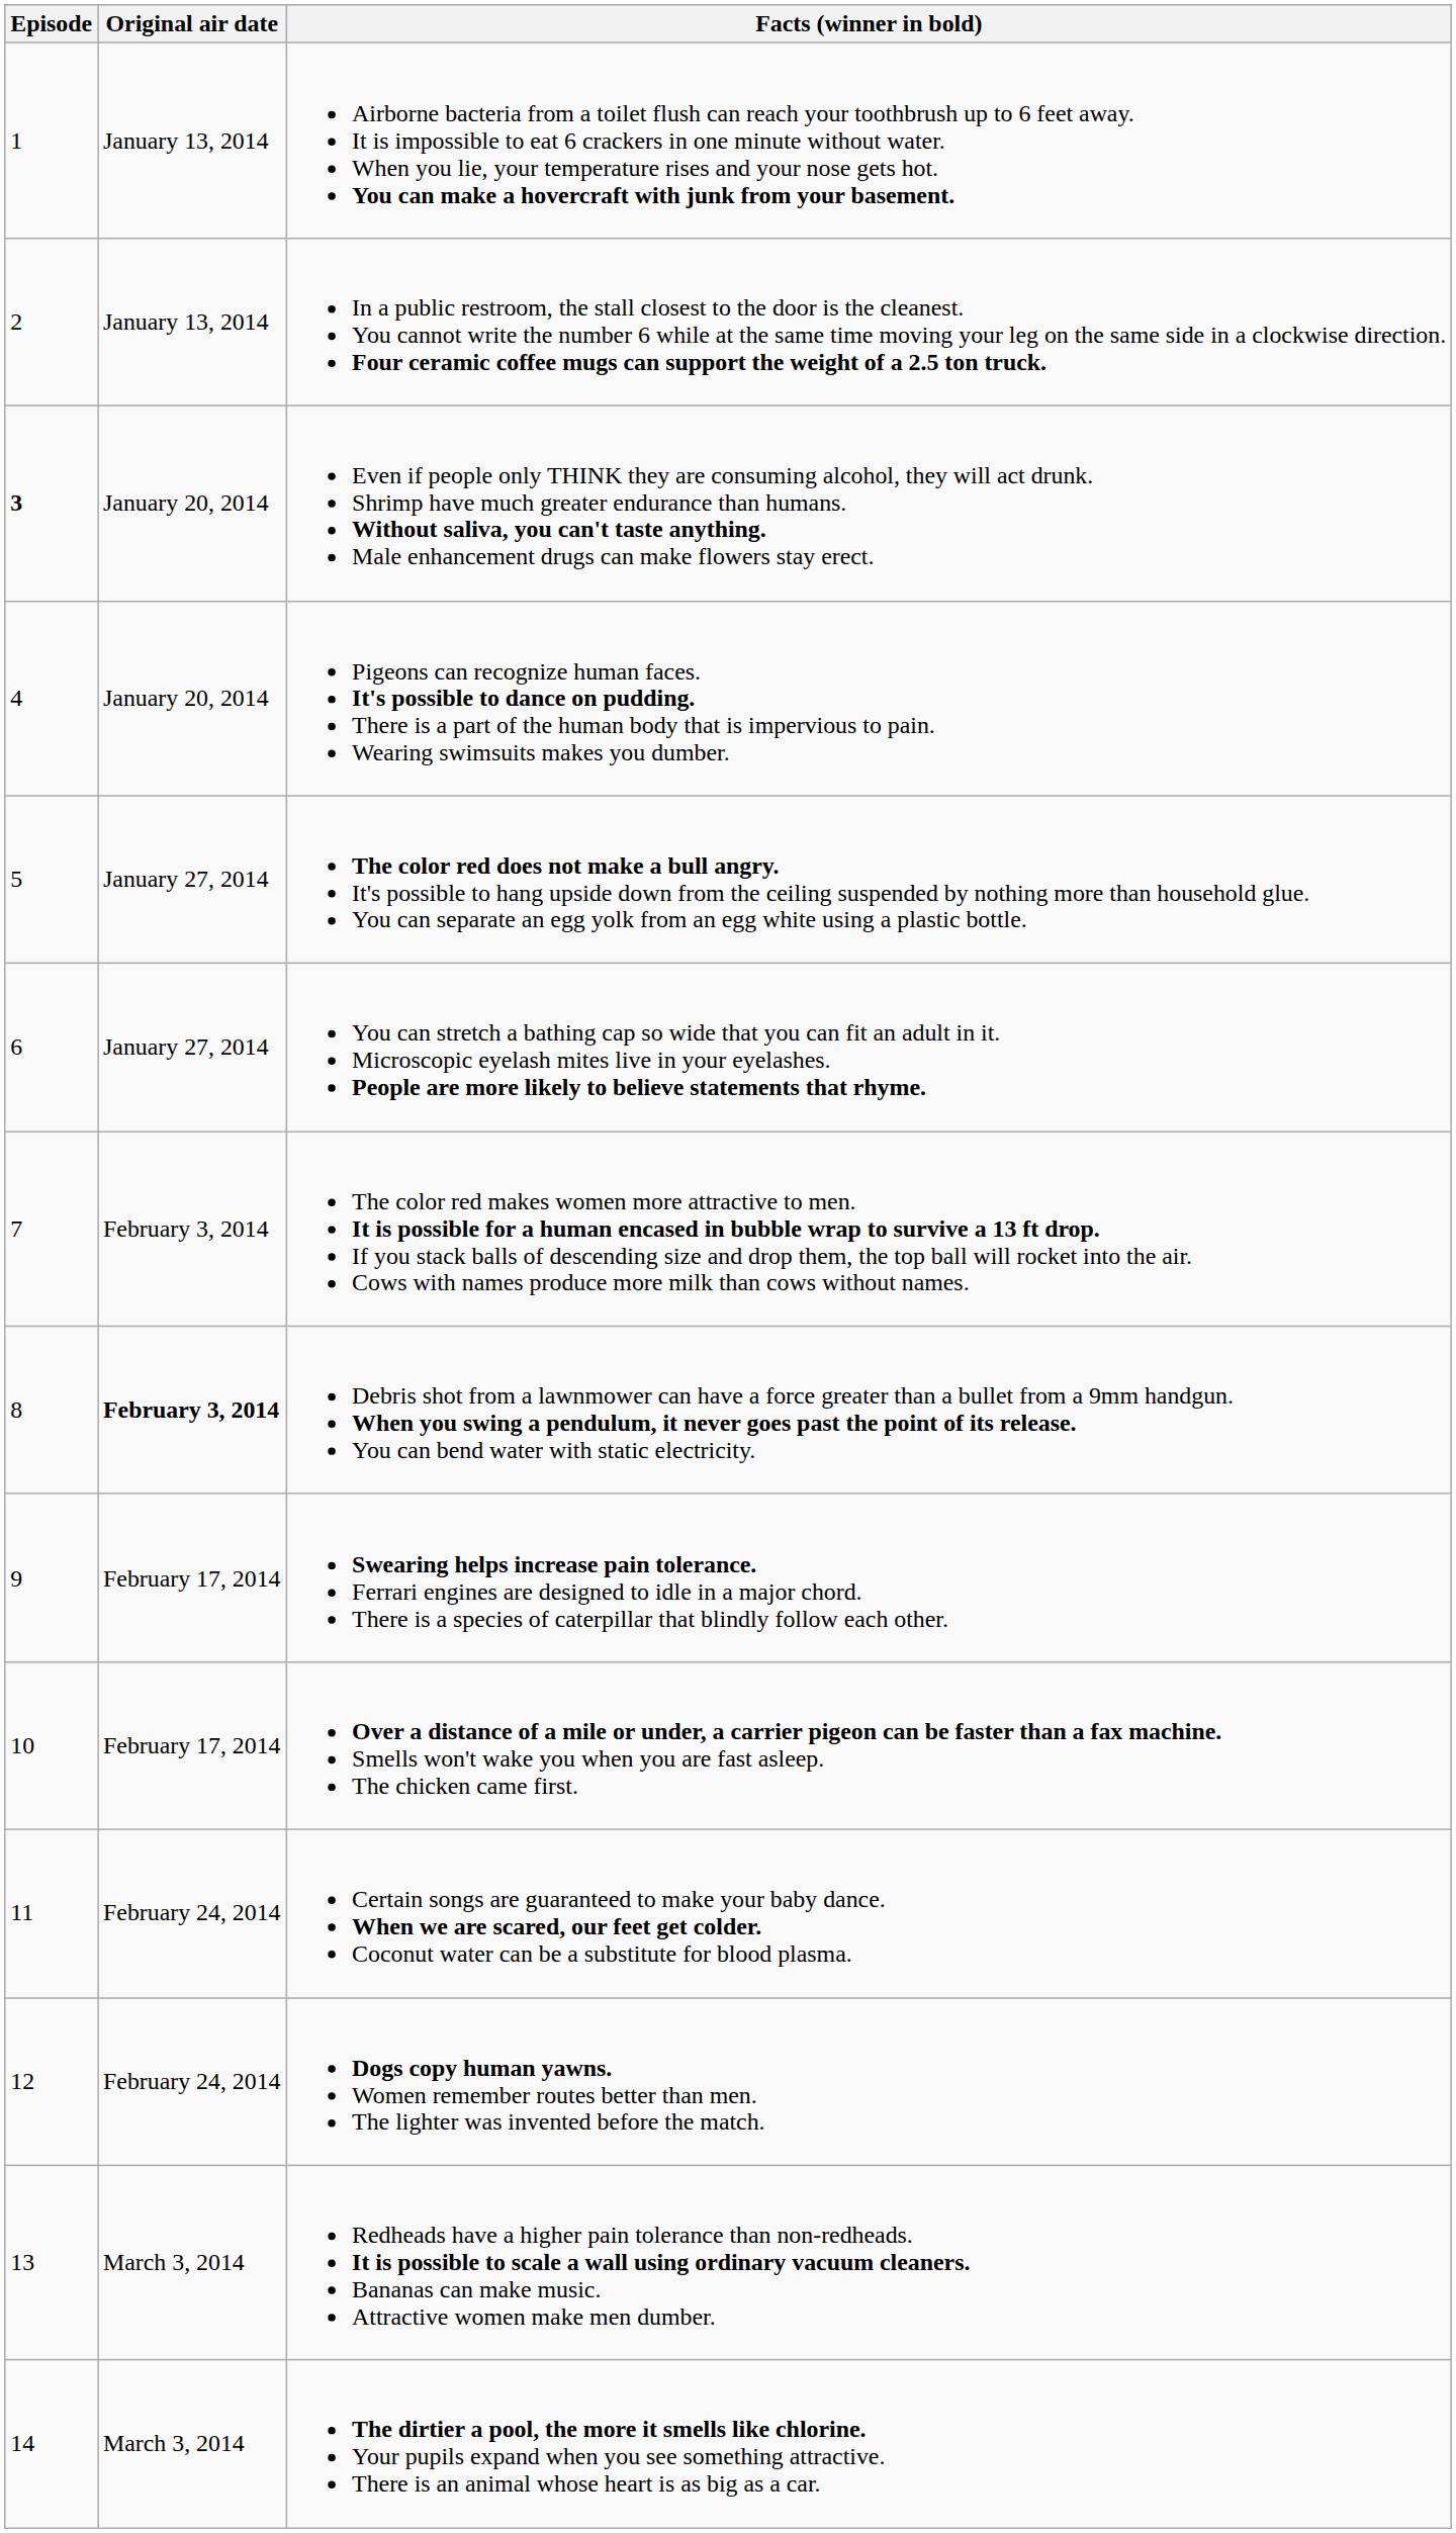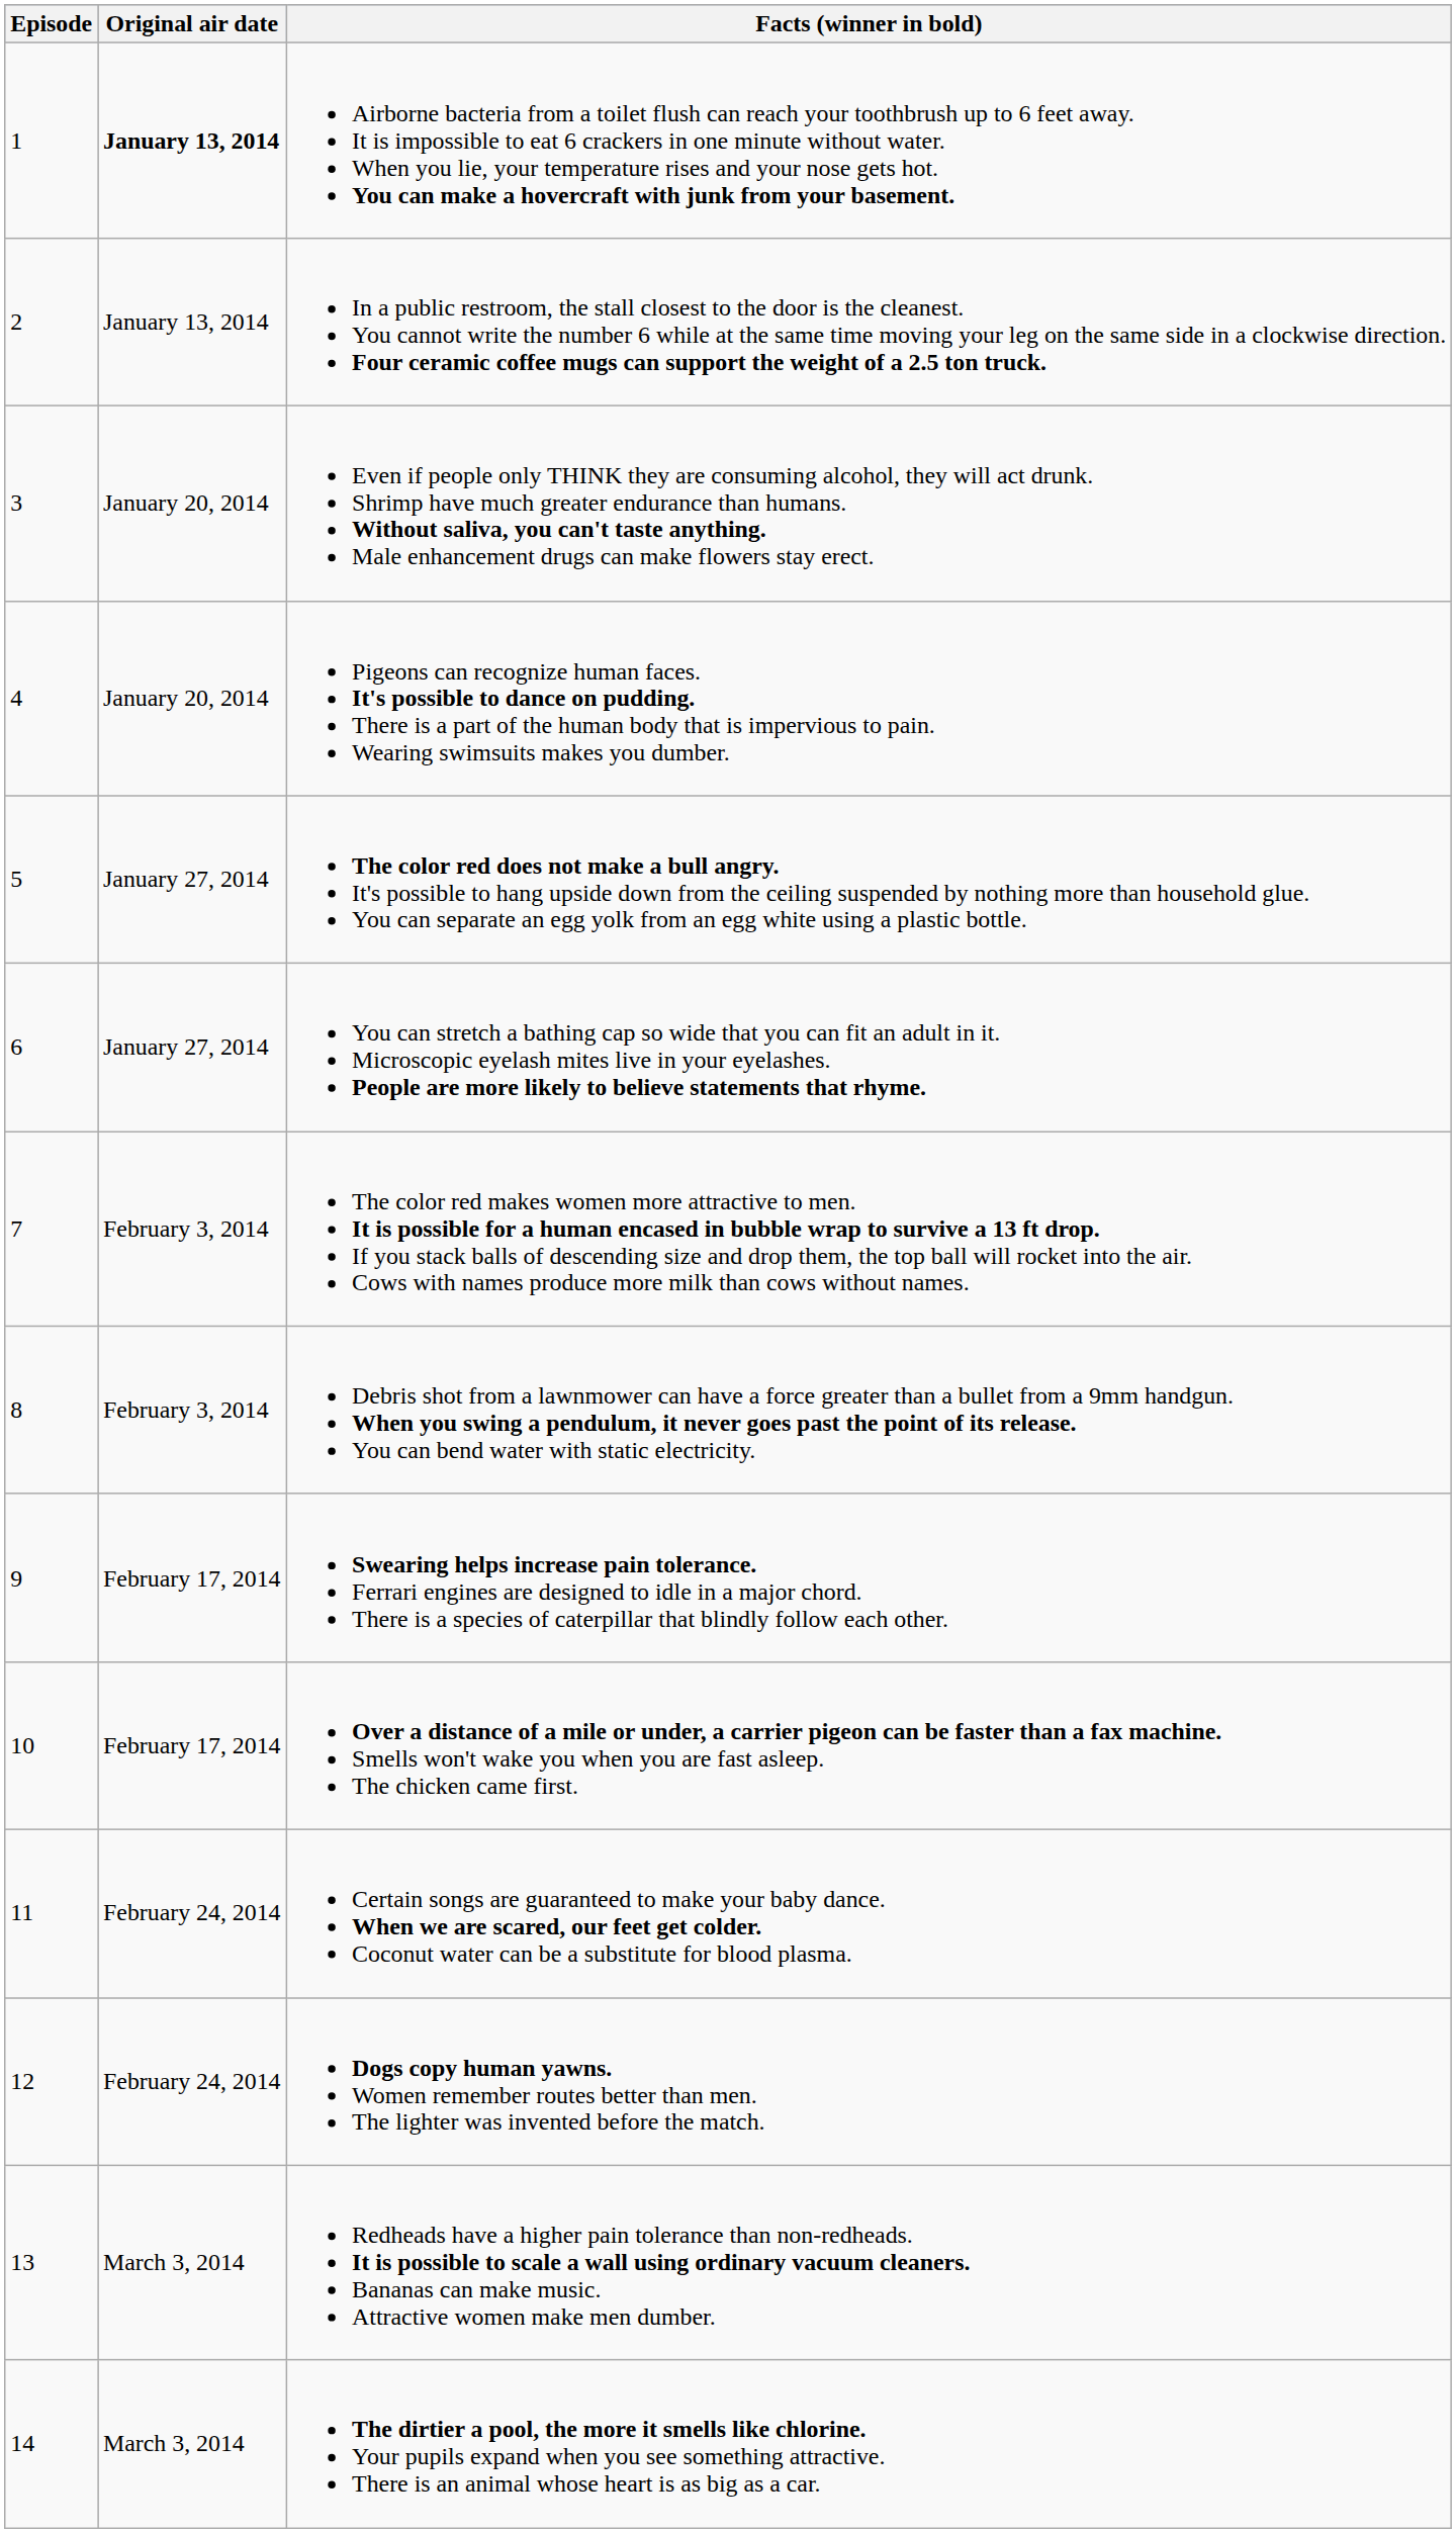 <table class="wikitable">
 <tr style="background:#b0c4de; text-align:center;">
 <th>Episode</th>
 <th>Original air date</th>
 <th>Facts (winner in bold)</th>
 </tr>
 <tr>
 <td>1</td>
-<td>January 13, 2014</td>
+<td><strong>January 13, 2014</strong></td>
 <td><br><ul><li>Airborne bacteria from a toilet flush can reach your toothbrush up to 6 feet away.</li><li>It is impossible to eat 6 crackers in one minute without water.</li><li>When you lie, your temperature rises and your nose gets hot.</li><li><strong>You can make a hovercraft with junk from your basement.</strong></li></ul></td>
 </tr>
 <tr>
 <td>2</td>
 <td>January 13, 2014</td>
 <td><br><ul><li>In a public restroom, the stall closest to the door is the cleanest.</li><li>You cannot write the number 6 while at the same time moving your leg on the same side in a clockwise direction.</li><li><strong>Four ceramic coffee mugs can support the weight of a 2.5 ton truck.</strong></li></ul></td>
 </tr>
 <tr>
-<td><strong>3</strong></td>
+<td>3</td>
 <td>January 20, 2014</td>
 <td><br><ul><li>Even if people only THINK they are consuming alcohol, they will act drunk.</li><li>Shrimp have much greater endurance than humans.</li><li><strong>Without saliva, you can't taste anything.</strong></li><li>Male enhancement drugs can make flowers stay erect.</li></ul></td>
 </tr>
 <tr>
 <td>4</td>
 <td>January 20, 2014</td>
 <td><br><ul><li>Pigeons can recognize human faces.</li><li><strong>It's possible to dance on pudding.</strong></li><li>There is a part of the human body that is impervious to pain.</li><li>Wearing swimsuits makes you dumber.</li></ul></td>
 </tr>
 <tr>
 <td>5</td>
 <td>January 27, 2014</td>
 <td><br><ul><li><strong>The color red does not make a bull angry.</strong></li><li>It's possible to hang upside down from the ceiling suspended by nothing more than household glue.</li><li>You can separate an egg yolk from an egg white using a plastic bottle.</li></ul></td>
 </tr>
 <tr>
 <td>6</td>
 <td>January 27, 2014</td>
 <td><br><ul><li>You can stretch a bathing cap so wide that you can fit an adult in it.</li><li>Microscopic eyelash mites live in your eyelashes.</li><li><strong>People are more likely to believe statements that rhyme.</strong></li></ul></td>
 </tr>
 <tr>
 <td>7</td>
 <td>February 3, 2014</td>
 <td><br><ul><li>The color red makes women more attractive to men.</li><li><strong>It is possible for a human encased in bubble wrap to survive a 13 ft drop.</strong></li><li>If you stack balls of descending size and drop them, the top ball will rocket into the air.</li><li>Cows with names produce more milk than cows without names.</li></ul></td>
 </tr>
 <tr>
 <td>8</td>
-<td><strong>February 3, 2014</strong></td>
+<td>February 3, 2014</td>
 <td><br><ul><li>Debris shot from a lawnmower can have a force greater than a bullet from a 9mm handgun.</li><li><strong>When you swing a pendulum, it never goes past the point of its release.</strong></li><li>You can bend water with static electricity.</li></ul></td>
 </tr>
 <tr>
 <td>9</td>
 <td>February 17, 2014</td>
 <td><br><ul><li><strong>Swearing helps increase pain tolerance.</strong></li><li>Ferrari engines are designed to idle in a major chord.</li><li>There is a species of caterpillar that blindly follow each other.</li></ul></td>
 </tr>
 <tr>
 <td>10</td>
 <td>February 17, 2014</td>
 <td><br><ul><li><strong>Over a distance of a mile or under, a carrier pigeon can be faster than a fax machine.</strong></li><li>Smells won't wake you when you are fast asleep.</li><li>The chicken came first.</li></ul></td>
 </tr>
 <tr>
 <td>11</td>
 <td>February 24, 2014</td>
 <td><br><ul><li>Certain songs are guaranteed to make your baby dance.</li><li><strong>When we are scared, our feet get colder.</strong></li><li>Coconut water can be a substitute for blood plasma.</li></ul></td>
 </tr>
 <tr>
 <td>12</td>
 <td>February 24, 2014</td>
 <td><br><ul><li><strong>Dogs copy human yawns.</strong></li><li>Women remember routes better than men.</li><li>The lighter was invented before the match.</li></ul></td>
 </tr>
 <tr>
 <td>13</td>
 <td>March 3, 2014</td>
 <td><br><ul><li>Redheads have a higher pain tolerance than non-redheads.</li><li><strong>It is possible to scale a wall using ordinary vacuum cleaners.</strong></li><li>Bananas can make music.</li><li>Attractive women make men dumber.</li></ul></td>
 </tr>
 <tr>
 <td>14</td>
 <td>March 3, 2014</td>
 <td><br><ul><li><strong>The dirtier a pool, the more it smells like chlorine.</strong></li><li>Your pupils expand when you see something attractive.</li><li>There is an animal whose heart is as big as a car.</li></ul></td>
 </tr>
 <tr>
 </tr>
 </table>
